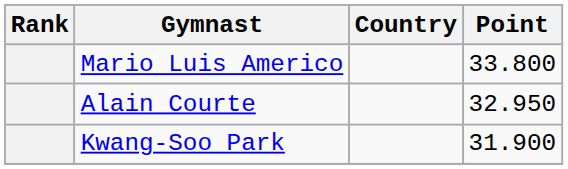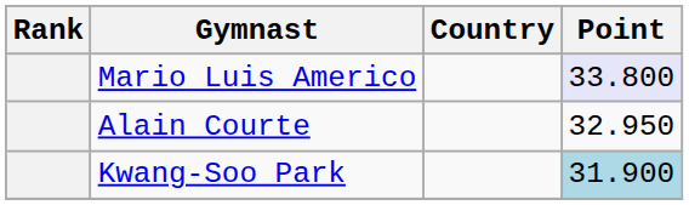 <table class="wikitable sortable">
 <tr>
 <th>Rank</th>
 <th>Gymnast</th>
 <th>Country</th>
 <th>Point</th>
 </tr>
 <tr>
 <th></th>
 <td><a href='#'>Mario Luis Americo</a></td>
 <td></td>
-<td>33.800</td>
+<td style="background: lavender;">33.800</td>
 </tr>
 <tr>
 <th></th>
 <td><a href='#'>Alain Courte</a></td>
 <td></td>
 <td>32.950</td>
 </tr>
 <tr>
 <th></th>
 <td><a href='#'>Kwang-Soo Park</a></td>
 <td></td>
-<td>31.900</td>
+<td style="background: lightblue;">31.900</td>
 </tr>
 <tr>
 </tr>
 </table>
